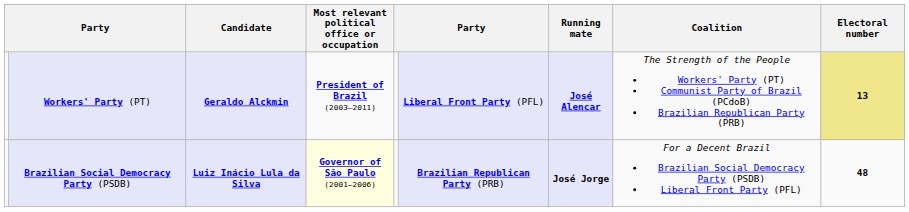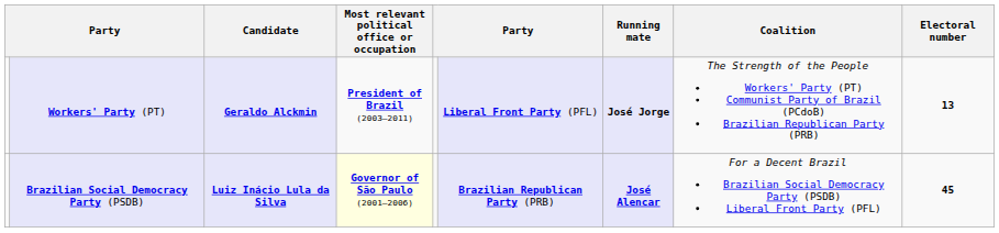 <table class="wikitable" style="text-align:center">
 <tr>
 <th colspan="2">Party</th>
 <th>Candidate</th>
 <th style="max-width:10em">Most relevant political office or occupation</th>
 <th colspan="2">Party</th>
 <th>Running mate</th>
 <th>Coalition</th>
 <th>Electoral number</th>
 </tr>
 <tr>
 <td style="background:"></td>
 <td style="background:lavender;" max-width:150px><br><strong><a href='#'>Workers' Party</a></strong> (PT)</td>
 <td style="background:lavender;" max-width:150px><br><strong><a href='#'>Geraldo Alckmin</a></strong></td>
 <td style="max-width:10em"><strong><a href='#'>President of Brazil</a></strong><br><small>(2003–2011)</small></td>
 <td style="background:"></td>
 <td style="background:lavender;" max-width:150px><br><strong><a href='#'>Liberal Front Party</a></strong> (PFL)</td>
-<td style="background:lavender;" max-width:150px><br><strong><a href='#'>José Alencar</a></strong></td>
+<td style="background:lavender;" max-width:150px><br><strong>José Jorge</strong></td>
 <td><em>The Strength of the People</em><br><ul><li><a href='#'>Workers' Party</a> (PT)</li><li><a href='#'>Communist Party of Brazil</a> (PCdoB)</li><li><a href='#'>Brazilian Republican Party</a> (PRB)</li></ul></td>
-<td style="background: khaki;"><strong>13</strong></td>
+<td><strong>13</strong></td>
 </tr>
 <tr>
 <td style="background:"></td>
 <td style="background:lavender;" max-width:150px><br><strong><a href='#'>Brazilian Social Democracy Party</a></strong> (PSDB)</td>
 <td style="background:lavender;" max-width:150px><br><strong><a href='#'>Luiz Inácio Lula da Silva</a></strong></td>
 <td style="background: lightyellow; max-width:10em"><strong><a href='#'>Governor of São Paulo</a></strong><br><small>(2001–2006)</small></td>
 <td style="background:"></td>
 <td style="background:lavender;" max-width:150px><br><strong><a href='#'>Brazilian Republican Party</a></strong> (PRB)</td>
-<td style="background:lavender;" max-width:150px><br><strong>José Jorge</strong></td>
+<td style="background:lavender;" max-width:150px><br><strong><a href='#'>José Alencar</a></strong></td>
 <td><em>For a Decent Brazil</em><br><ul><li><a href='#'>Brazilian Social Democracy Party</a> (PSDB)</li><li><a href='#'>Liberal Front Party</a> (PFL)</li></ul></td>
-<td><strong>48</strong></td>
+<td><strong>45</strong></td>
 </tr>
 </table>
